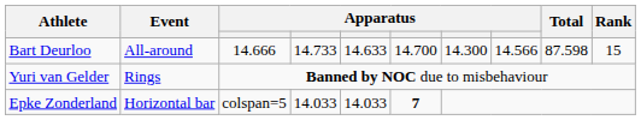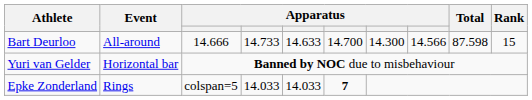 <table class="wikitable" style="font-size:90%">
 <tr>
 <th rowspan=2>Athlete</th>
 <th rowspan=2>Event</th>
 <th colspan =6>Apparatus</th>
 <th rowspan=2>Total</th>
 <th rowspan=2>Rank</th>
 </tr>
 <tr style="font-size:95%">
 <th></th>
 <th></th>
 <th></th>
 <th></th>
 <th></th>
 <th></th>
 </tr>
 <tr align=center>
 <td align=left><a href='#'>Bart Deurloo</a></td>
 <td align=left><a href='#'>All-around</a></td>
 <td>14.666</td>
 <td>14.733</td>
 <td>14.633</td>
 <td>14.700</td>
 <td>14.300</td>
 <td>14.566</td>
 <td>87.598</td>
 <td>15</td>
 </tr>
 <tr align=center>
 <td align=left><a href='#'>Yuri van Gelder</a></td>
-<td align=left><a href='#'>Rings</a></td>
+<td align=left><a href='#'>Horizontal bar</a></td>
 <td colspan=8><strong>Banned by NOC</strong> due to misbehaviour</td>
 </tr>
 <tr align=center>
 <td align=left><a href='#'>Epke Zonderland</a></td>
-<td align=left><a href='#'>Horizontal bar</a></td>
+<td align=left><a href='#'>Rings</a></td>
 <td>colspan=5 </td>
 <td>14.033</td>
 <td>14.033</td>
 <td><strong>7</strong></td>
 </tr>
 </table>
